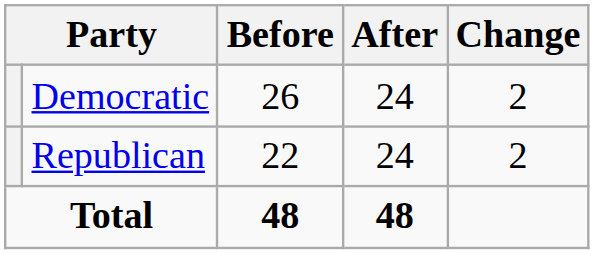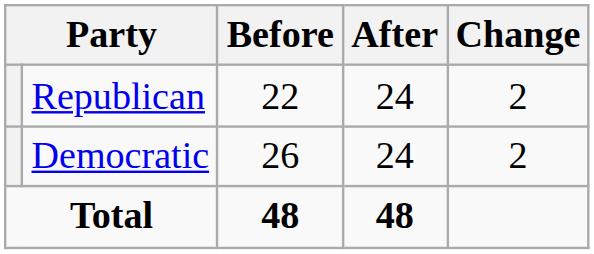 <table class="wikitable" style="text-align:center;">
 <tr>
 <th colspan="2">Party</th>
 <th>Before</th>
 <th>After</th>
 <th>Change</th>
 </tr>
 <tr>
 <th style="background-color:"></th>
-<td style="text-align:left;"><a href='#'>Democratic</a></td>
-<td>26</td>
+<td style="text-align:left;"><a href='#'>Republican</a></td>
+<td>22</td>
 <td>24</td>
 <td> 2</td>
 </tr>
 <tr>
 <th style="background-color:"></th>
-<td style="text-align:left;"><a href='#'>Republican</a></td>
-<td>22</td>
+<td style="text-align:left;"><a href='#'>Democratic</a></td>
+<td>26</td>
 <td>24</td>
 <td> 2</td>
 </tr>
 <tr>
 <td colspan="2"><strong>Total</strong></td>
 <td><strong>48</strong></td>
 <td><strong>48</strong></td>
 <td></td>
 </tr>
 </table>
